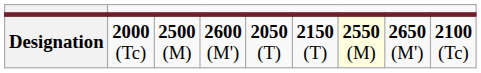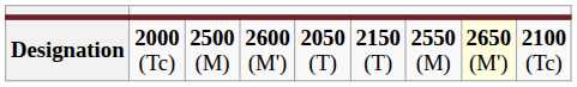 <table class="wikitable" style="text-align: center">
 <tr style="border-bottom: 4px solid #702029">
 <th></th>
 <td colspan="8"> </td>
 </tr>
 <tr>
 <th>Designation</th>
 <td><strong>2000</strong><br>(Tc)</td>
 <td><strong>2500</strong><br>(M)</td>
 <td><strong>2600</strong><br>(M')</td>
 <td><strong>2050</strong><br>(T)</td>
 <td><strong>2150</strong><br>(T)</td>
-<td style="background: lightyellow;"><strong>2550</strong><br>(M)</td>
-<td><strong>2650</strong><br>(M')</td>
+<td><strong>2550</strong><br>(M)</td>
+<td style="background: lightyellow;"><strong>2650</strong><br>(M')</td>
 <td><strong>2100</strong><br>(Tc)</td>
 </tr>
 </table>
